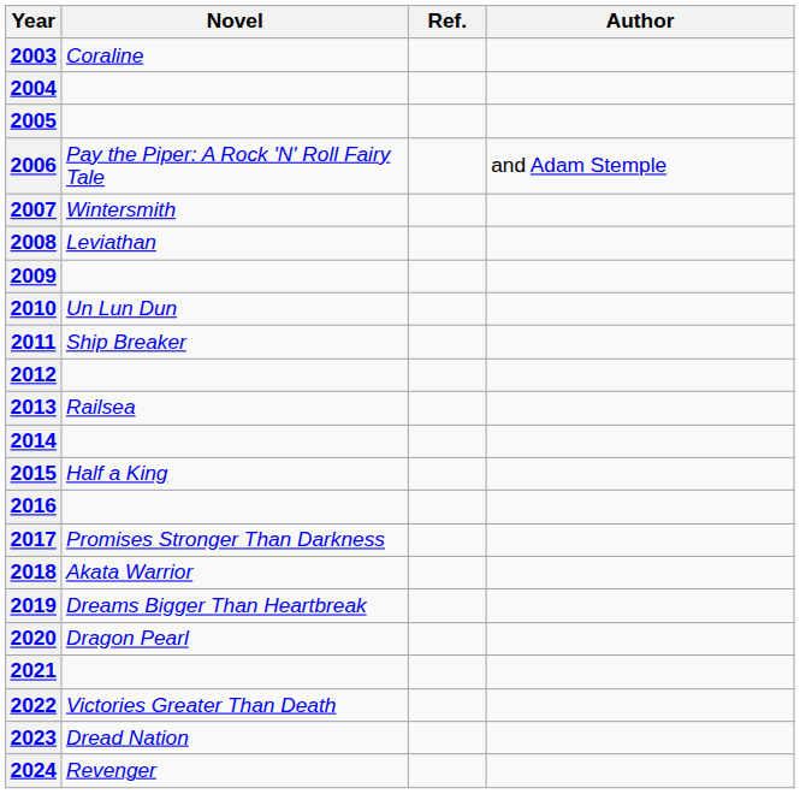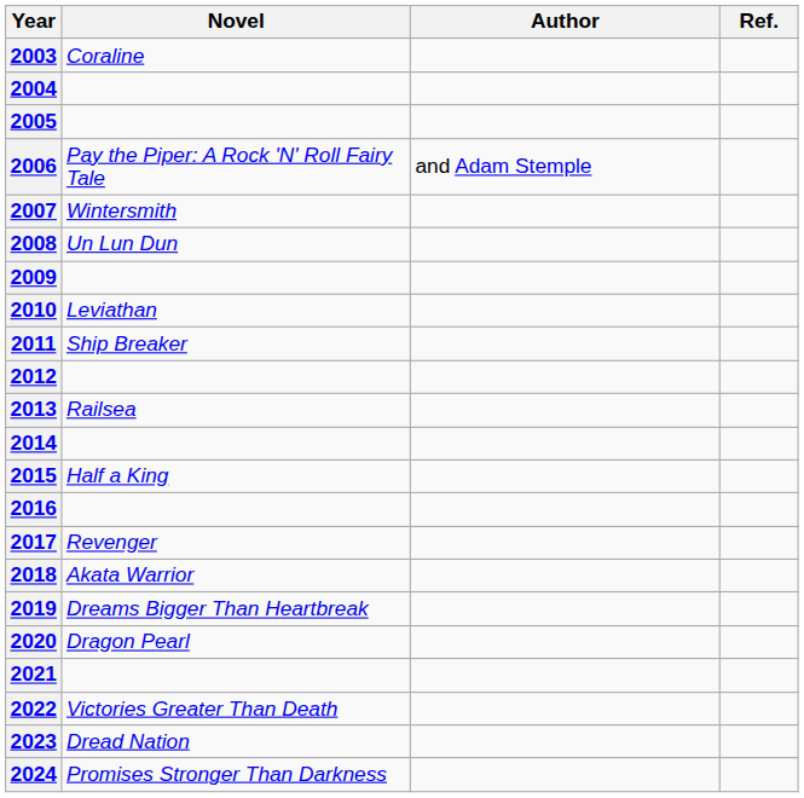 <table class="wikitable sortable" style=“width:80%”>
 <tr>
 <th scope="col" width="5%">Year</th>
 <th scope="col" width="45%">Novel</th>
+<th scope="col" width="40%">Author</th>
 <th scope="col" width="10%">Ref.</th>
-<th scope="col" width="40%">Author</th>
 </tr>
 <tr>
 <th><a href='#'>2003</a></th>
 <td><em><a href='#'>Coraline</a></em></td>
 <td></td>
 <td></td>
 </tr>
 <tr>
 <th><a href='#'>2004</a></th>
 <td></td>
 <td></td>
 <td></td>
 </tr>
 <tr>
 <th><a href='#'>2005</a></th>
 <td></td>
 <td></td>
 <td></td>
 </tr>
 <tr>
 <th><a href='#'>2006</a></th>
 <td><em><a href='#'>Pay the Piper:  A Rock 'N' Roll Fairy Tale</a></em></td>
+<td> and <a href='#'>Adam Stemple</a></td>
 <td></td>
-<td> and <a href='#'>Adam Stemple</a></td>
 </tr>
 <tr>
 <th><a href='#'>2007</a></th>
 <td><em><a href='#'>Wintersmith</a></em></td>
 <td></td>
 <td></td>
 </tr>
 <tr>
 <th><a href='#'>2008</a></th>
-<td><em><a href='#'>Leviathan</a></em></td>
+<td><em><a href='#'>Un Lun Dun</a></em></td>
 <td></td>
 <td></td>
 </tr>
 <tr>
 <th><a href='#'>2009</a></th>
 <td></td>
 <td></td>
 <td></td>
 </tr>
 <tr>
 <th><a href='#'>2010</a></th>
-<td><em><a href='#'>Un Lun Dun</a></em></td>
+<td><em><a href='#'>Leviathan</a></em></td>
 <td></td>
 <td></td>
 </tr>
 <tr>
 <th><a href='#'>2011</a></th>
 <td><em><a href='#'>Ship Breaker</a></em></td>
 <td></td>
 <td></td>
 </tr>
 <tr>
 <th><a href='#'>2012</a></th>
 <td></td>
 <td></td>
 <td></td>
 </tr>
 <tr>
 <th><a href='#'>2013</a></th>
 <td><em><a href='#'>Railsea</a></em></td>
 <td></td>
 <td></td>
 </tr>
 <tr>
 <th><a href='#'>2014</a></th>
 <td></td>
 <td></td>
 <td></td>
 </tr>
 <tr>
 <th><a href='#'>2015</a></th>
 <td><em><a href='#'>Half a King</a></em></td>
 <td></td>
 <td></td>
 </tr>
 <tr>
 <th><a href='#'>2016</a></th>
 <td></td>
 <td></td>
 <td></td>
 </tr>
 <tr>
 <th><a href='#'>2017</a></th>
-<td><em><a href='#'>Promises Stronger Than Darkness</a></em></td>
+<td><em><a href='#'>Revenger</a></em></td>
 <td></td>
 <td></td>
 </tr>
 <tr>
 <th><a href='#'>2018</a></th>
 <td><em><a href='#'>Akata Warrior</a></em></td>
 <td></td>
 <td></td>
 </tr>
 <tr>
 <th><a href='#'>2019</a></th>
 <td><em><a href='#'>Dreams Bigger Than Heartbreak</a></em></td>
 <td></td>
 <td></td>
 </tr>
 <tr>
 <th><a href='#'>2020</a></th>
 <td><em><a href='#'>Dragon Pearl</a></em></td>
 <td></td>
 <td></td>
 </tr>
 <tr>
 <th><a href='#'>2021</a></th>
 <td></td>
 <td></td>
 <td></td>
 </tr>
 <tr>
 <th><a href='#'>2022</a></th>
 <td><em><a href='#'>Victories Greater Than Death</a></em></td>
 <td></td>
 <td></td>
 </tr>
 <tr>
 <th><a href='#'>2023</a></th>
 <td><em><a href='#'>Dread Nation</a></em></td>
 <td></td>
 <td></td>
 </tr>
 <tr>
 <th><a href='#'>2024</a></th>
-<td><em><a href='#'>Revenger</a></em></td>
+<td><em><a href='#'>Promises Stronger Than Darkness</a></em></td>
 <td></td>
 <td></td>
 </tr>
 </table>
